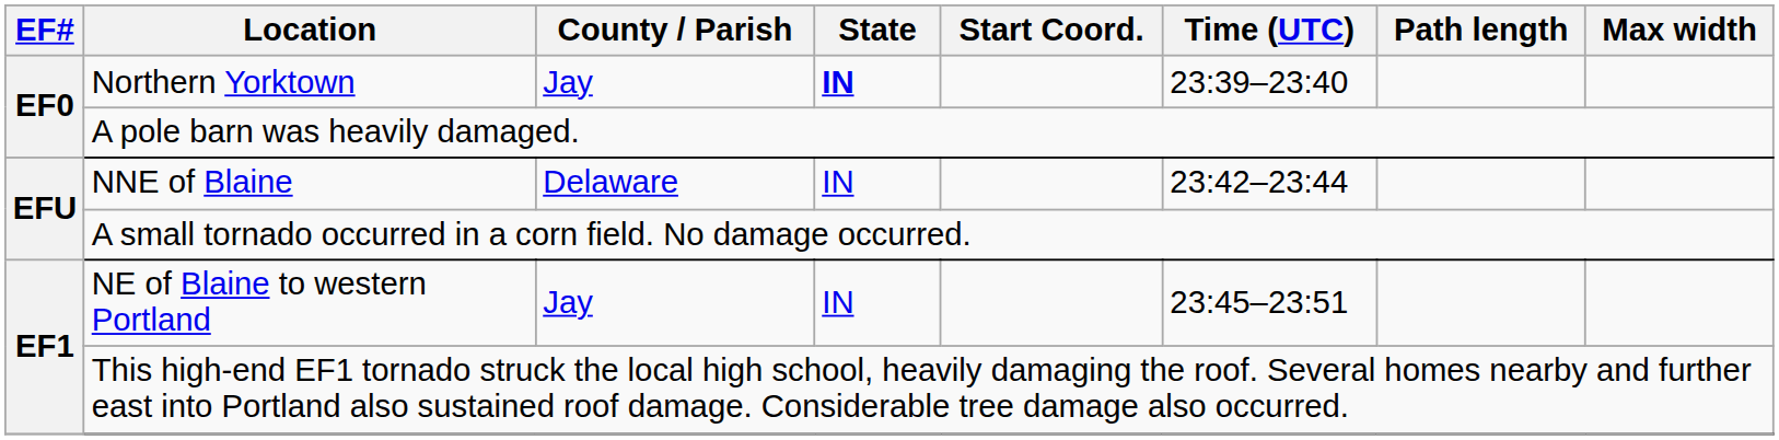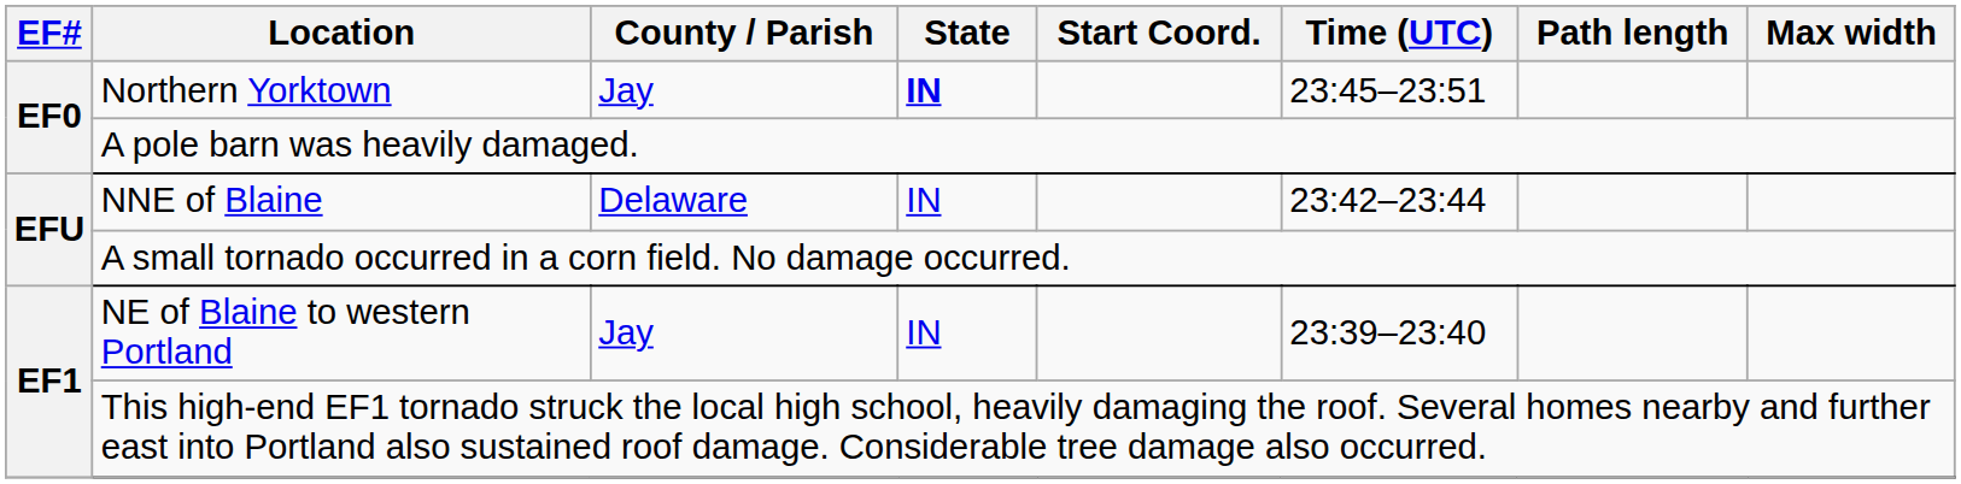 <table class="wikitable sortable" style="width:100%;">
 <tr>
 <th scope="col" width="2%" align="center"><a href='#'>EF#</a></th>
 <th scope="col" align="center" class="unsortable">Location</th>
 <th scope="col" align="center" class="unsortable">County / Parish</th>
 <th scope="col" align="center">State</th>
 <th scope="col" align="center">Start Coord.</th>
 <th scope="col" align="center">Time (<a href='#'>UTC</a>)</th>
 <th scope="col" align="center">Path length</th>
 <th scope="col" align="center">Max width</th>
 </tr>
 <tr>
 <th scope="row" rowspan="2" style="background-color:#">EF0</th>
 <td>Northern <a href='#'>Yorktown</a></td>
 <td><a href='#'>Jay</a></td>
 <td><strong><a href='#'>IN</a></strong></td>
 <td></td>
-<td>23:39–23:40</td>
+<td>23:45–23:51</td>
 <td></td>
 <td></td>
 </tr>
 <tr class="expand-child">
 <td colspan="8" style=" border-bottom: 1px solid black;">A pole barn was heavily damaged.</td>
 </tr>
 <tr>
 <th scope="row" rowspan="2" style="background-color:#">EFU</th>
 <td>NNE of <a href='#'>Blaine</a></td>
 <td><a href='#'>Delaware</a></td>
 <td><a href='#'>IN</a></td>
 <td></td>
 <td>23:42–23:44</td>
 <td></td>
 <td></td>
 </tr>
 <tr class="expand-child">
 <td colspan="8" style=" border-bottom: 1px solid black;">A small tornado occurred in a corn field. No damage occurred.</td>
 </tr>
 <tr>
 <th scope="row" rowspan="2" style="background-color:#">EF1</th>
 <td>NE of <a href='#'>Blaine</a> to western <a href='#'>Portland</a></td>
 <td><a href='#'>Jay</a></td>
 <td><a href='#'>IN</a></td>
 <td></td>
-<td>23:45–23:51</td>
+<td>23:39–23:40</td>
 <td></td>
 <td></td>
 </tr>
 <tr class="expand-child">
 <td colspan="8" style=" border-bottom: 1px solid black;">This high-end EF1 tornado struck the local high school, heavily damaging the roof. Several homes nearby and further east into Portland also sustained roof damage. Considerable tree damage also occurred.</td>
 </tr>
 <tr>
 </tr>
 </table>
